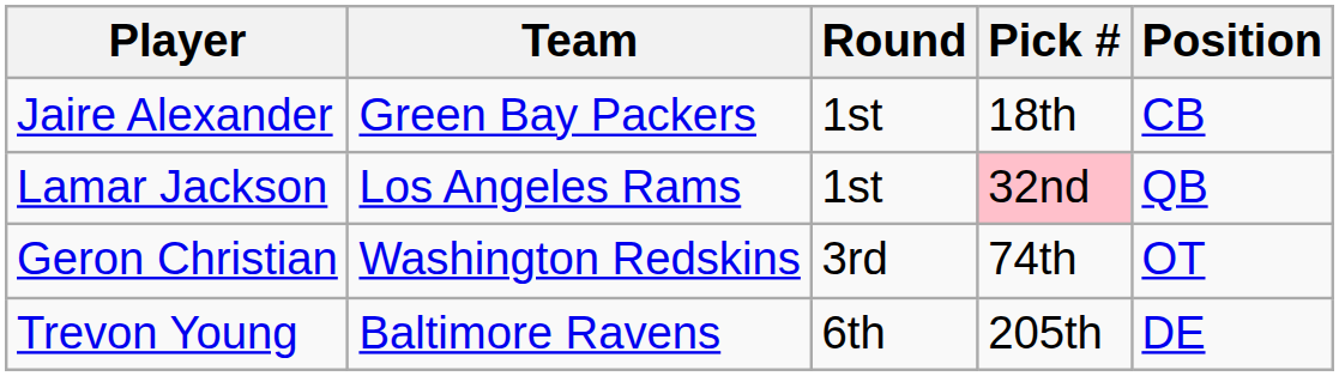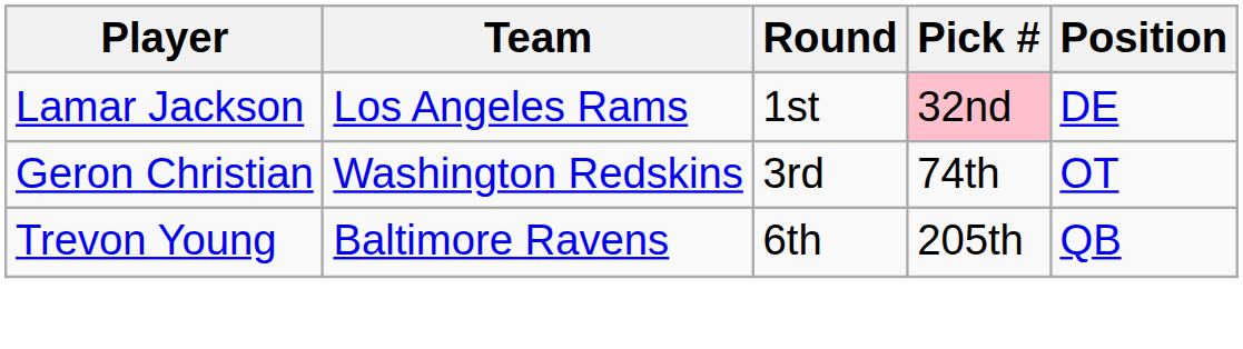 <table class="wikitable">
 <tr>
 <th>Player</th>
 <th>Team</th>
 <th>Round</th>
 <th>Pick #</th>
 <th>Position</th>
 </tr>
 <tr>
-<td><a href='#'>Jaire Alexander</a></td>
-<td><a href='#'>Green Bay Packers</a></td>
-<td>1st</td>
-<td>18th</td>
-<td><a href='#'>CB</a></td>
-</tr>
-<tr>
 <td><a href='#'>Lamar Jackson</a></td>
 <td><a href='#'>Los Angeles Rams</a></td>
 <td>1st</td>
 <td style="background: pink;">32nd</td>
-<td><a href='#'>QB</a></td>
+<td><a href='#'>DE</a></td>
 </tr>
 <tr>
 <td><a href='#'>Geron Christian</a></td>
 <td><a href='#'>Washington Redskins</a></td>
 <td>3rd</td>
 <td>74th</td>
 <td><a href='#'>OT</a></td>
 </tr>
 <tr>
 <td><a href='#'>Trevon Young</a></td>
 <td><a href='#'>Baltimore Ravens</a></td>
 <td>6th</td>
 <td>205th</td>
-<td><a href='#'>DE</a></td>
+<td><a href='#'>QB</a></td>
 </tr>
 </table>
